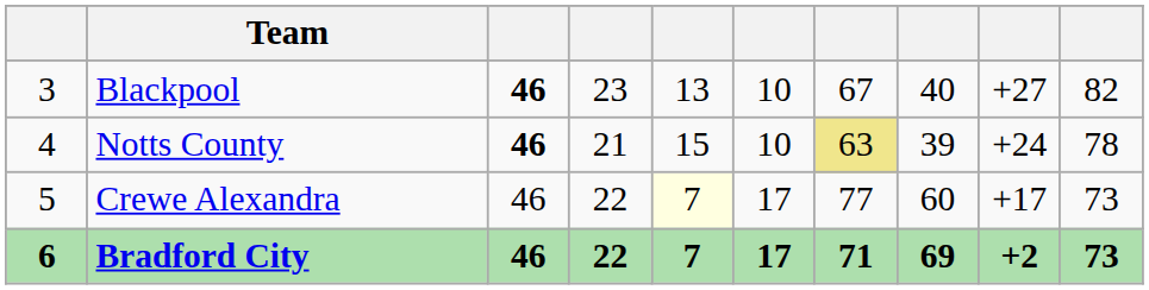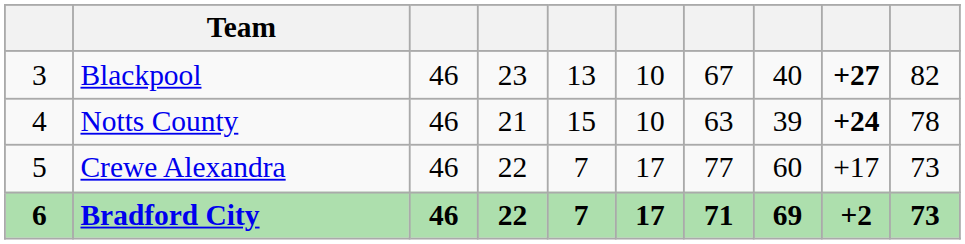 <table class="wikitable" style="text-align:center">
 <tr>
 <th width="30"></th>
 <th width="175">Team</th>
 <th width="30"></th>
 <th width="30"></th>
 <th width="30"></th>
 <th width="30"></th>
 <th width="30"></th>
 <th width="30"></th>
 <th width="30"></th>
 <th width="30"></th>
 </tr>
 <tr>
 <td>3</td>
 <td align=left><a href='#'>Blackpool</a></td>
-<td><strong>46</strong></td>
+<td>46</td>
 <td>23</td>
 <td>13</td>
 <td>10</td>
 <td>67</td>
 <td>40</td>
-<td>+27</td>
+<td><strong>+27</strong></td>
 <td>82</td>
 </tr>
 <tr>
 <td>4</td>
 <td align=left><a href='#'>Notts County</a></td>
-<td><strong>46</strong></td>
+<td>46</td>
 <td>21</td>
 <td>15</td>
 <td>10</td>
-<td style="background: khaki;">63</td>
+<td>63</td>
 <td>39</td>
-<td>+24</td>
+<td><strong>+24</strong></td>
 <td>78</td>
 </tr>
 <tr>
 <td>5</td>
 <td align=left><a href='#'>Crewe Alexandra</a></td>
 <td>46</td>
 <td>22</td>
-<td style="background: lightyellow;">7</td>
+<td>7</td>
 <td>17</td>
 <td>77</td>
 <td>60</td>
 <td>+17</td>
 <td>73</td>
 </tr>
 <tr bgcolor=#ADDFAD>
 <td><strong>6</strong></td>
 <td align=left><strong><a href='#'>Bradford City</a></strong></td>
 <td><strong>46</strong></td>
 <td><strong>22</strong></td>
 <td><strong>7</strong></td>
 <td><strong>17</strong></td>
 <td><strong>71</strong></td>
 <td><strong>69</strong></td>
 <td><strong>+2</strong></td>
 <td><strong>73</strong></td>
 </tr>
 </table>
